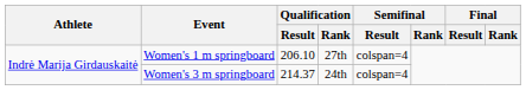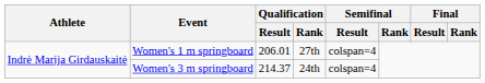 <table class=wikitable>
 <tr>
 <th rowspan="2">Athlete</th>
 <th rowspan="2">Event</th>
 <th colspan="2">Qualification</th>
 <th colspan="2">Semifinal</th>
 <th colspan="2">Final</th>
 </tr>
 <tr>
 <th>Result</th>
 <th>Rank</th>
 <th>Result</th>
 <th>Rank</th>
 <th>Result</th>
 <th>Rank</th>
 </tr>
 <tr style=text-align:center>
 <td style=text-align:left rowspan=2><a href='#'>Indrė Marija Girdauskaitė</a></td>
 <td style=text-align:left><a href='#'>Women's 1 m springboard</a></td>
-<td>206.10</td>
+<td>206.01</td>
 <td>27th</td>
 <td>colspan=4 </td>
 </tr>
 <tr style=text-align:center>
 <td style=text-align:left><a href='#'>Women's 3 m springboard</a></td>
 <td>214.37</td>
 <td>24th</td>
 <td>colspan=4 </td>
 </tr>
 </table>
